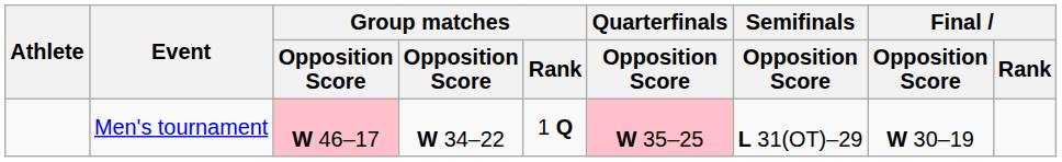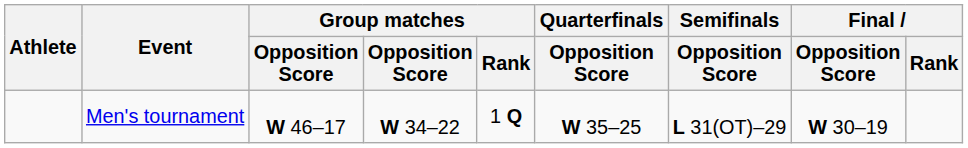 <table class=wikitable style="font-size:90%">
 <tr>
 <th rowspan=2>Athlete</th>
 <th rowspan=2>Event</th>
 <th colspan="3">Group matches</th>
 <th>Quarterfinals</th>
 <th>Semifinals</th>
 <th colspan=2>Final / </th>
 </tr>
 <tr>
 <th>Opposition<br>Score</th>
 <th>Opposition<br>Score</th>
 <th>Rank</th>
 <th>Opposition<br>Score</th>
 <th>Opposition<br>Score</th>
 <th>Opposition<br>Score</th>
 <th>Rank</th>
 </tr>
 <tr align=center>
 <td></td>
 <td><a href='#'>Men's tournament</a></td>
-<td style="background: pink;"><br><strong>W</strong> 46–17</td>
+<td><br><strong>W</strong> 46–17</td>
 <td><br><strong>W</strong> 34–22</td>
 <td>1 <strong>Q</strong></td>
-<td style="background: pink;"><br><strong>W</strong> 35–25</td>
+<td><br><strong>W</strong> 35–25</td>
 <td><br><strong>L</strong> 31(OT)–29</td>
 <td><br><strong>W</strong> 30–19</td>
 <td></td>
 </tr>
 </table>
